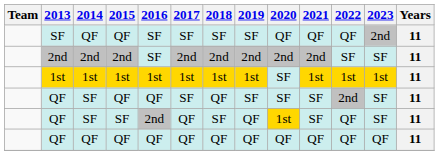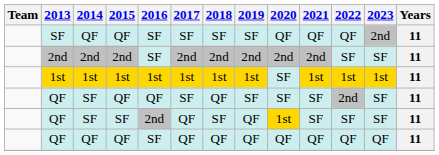 <table class="wikitable sortable" style="text-align:center">
 <tr>
 <th>Team</th>
 <th><a href='#'>2013</a></th>
 <th><a href='#'>2014</a></th>
 <th><a href='#'>2015</a></th>
 <th><a href='#'>2016</a></th>
 <th><a href='#'>2017</a></th>
 <th><a href='#'>2018</a></th>
 <th><a href='#'>2019</a></th>
 <th><a href='#'>2020</a></th>
 <th><a href='#'>2021</a></th>
 <th><a href='#'>2022</a></th>
 <th><a href='#'>2023</a></th>
 <th>Years</th>
 </tr>
 <tr>
 <td style="text-align:left;"> </td>
 <td bgcolor="#cceeee">SF</td>
 <td bgcolor="#cceeee">QF</td>
 <td bgcolor="#cceeee">QF</td>
 <td bgcolor="#cceeee">SF</td>
 <td bgcolor="#cceeee">SF</td>
 <td bgcolor="#cceeee">SF</td>
 <td bgcolor="#cceeee">SF</td>
 <td bgcolor="#cceeee">QF</td>
 <td bgcolor="#cceeee">QF</td>
 <td bgcolor="#cceeee">QF</td>
 <td bgcolor="silver">2nd</td>
 <th>11</th>
 </tr>
 <tr>
 <td style="text-align:left;"> </td>
 <td bgcolor="silver">2nd</td>
 <td bgcolor="silver">2nd</td>
 <td bgcolor="silver">2nd</td>
 <td bgcolor="#cceeee">SF</td>
 <td bgcolor="silver">2nd</td>
 <td bgcolor="silver">2nd</td>
 <td bgcolor="silver">2nd</td>
 <td bgcolor="silver">2nd</td>
 <td bgcolor="silver">2nd</td>
 <td bgcolor="#cceeee">SF</td>
 <td bgcolor="#cceeee">SF</td>
 <th>11</th>
 </tr>
 <tr>
 <td style="text-align:left;"> </td>
 <td bgcolor="gold">1st</td>
 <td bgcolor="gold">1st</td>
 <td bgcolor="gold">1st</td>
 <td bgcolor="gold">1st</td>
 <td bgcolor="gold">1st</td>
 <td bgcolor="gold">1st</td>
 <td bgcolor="gold">1st</td>
 <td bgcolor="#cceeee">SF</td>
 <td bgcolor="gold">1st</td>
 <td bgcolor="gold">1st</td>
 <td bgcolor="gold">1st</td>
 <th>11</th>
 </tr>
 <tr>
 <td style="text-align:left;"> </td>
 <td bgcolor="#cceeee">QF</td>
 <td bgcolor="#cceeee">SF</td>
 <td bgcolor="#cceeee">QF</td>
 <td bgcolor="#cceeee">QF</td>
 <td bgcolor="#cceeee">SF</td>
 <td bgcolor="#cceeee">QF</td>
 <td bgcolor="#cceeee">SF</td>
 <td bgcolor="#cceeee">SF</td>
 <td bgcolor="#cceeee">SF</td>
 <td bgcolor="silver">2nd</td>
 <td bgcolor="#cceeee">SF</td>
 <th>11</th>
 </tr>
 <tr>
 <td style="text-align:left;"> </td>
 <td bgcolor="#cceeee">QF</td>
 <td bgcolor="#cceeee">SF</td>
 <td bgcolor="#cceeee">SF</td>
 <td bgcolor="silver">2nd</td>
 <td bgcolor="#cceeee">QF</td>
 <td bgcolor="#cceeee">SF</td>
 <td bgcolor="#cceeee">QF</td>
 <td bgcolor="gold">1st</td>
 <td bgcolor="#cceeee">SF</td>
-<td bgcolor="#cceeee">QF</td>
+<td bgcolor="#cceeee">SF</td>
 <td bgcolor="#cceeee">SF</td>
 <th>11</th>
 </tr>
 <tr>
 <td style="text-align:left;"> </td>
 <td bgcolor="#cceeee">QF</td>
 <td bgcolor="#cceeee">QF</td>
 <td bgcolor="#cceeee">QF</td>
-<td bgcolor="#cceeee">QF</td>
+<td bgcolor="#cceeee">SF</td>
 <td bgcolor="#cceeee">QF</td>
 <td bgcolor="#cceeee">QF</td>
 <td bgcolor="#cceeee">QF</td>
 <td bgcolor="#cceeee">QF</td>
 <td bgcolor="#cceeee">QF</td>
 <td bgcolor="#cceeee">QF</td>
 <td bgcolor="#cceeee">QF</td>
 <th>11</th>
 </tr>
 <tr>
 </tr>
 </table>
